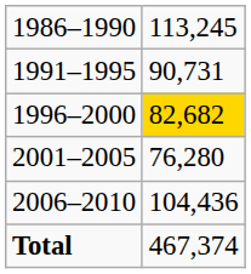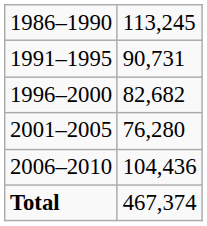 <table class="wikitable">
 <tr>
 <td>1986–1990</td>
 <td>113,245</td>
 </tr>
 <tr>
 <td>1991–1995</td>
 <td>90,731</td>
 </tr>
 <tr>
 <td>1996–2000</td>
-<td style="background: gold;">82,682</td>
+<td>82,682</td>
 </tr>
 <tr>
 <td>2001–2005</td>
 <td>76,280</td>
 </tr>
 <tr>
 <td>2006–2010</td>
 <td>104,436</td>
 </tr>
 <tr>
 <td><strong>Total</strong></td>
 <td>467,374</td>
 </tr>
 </table>
